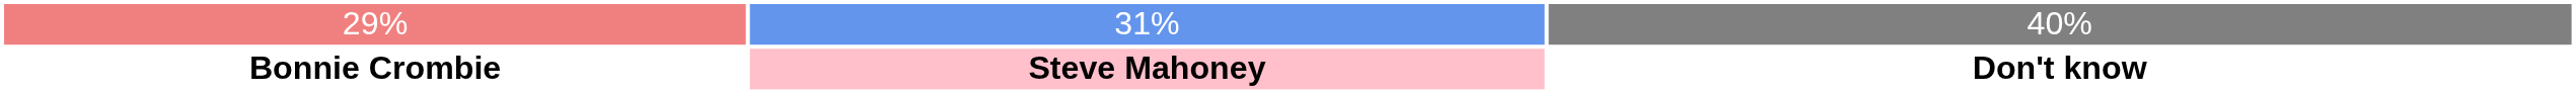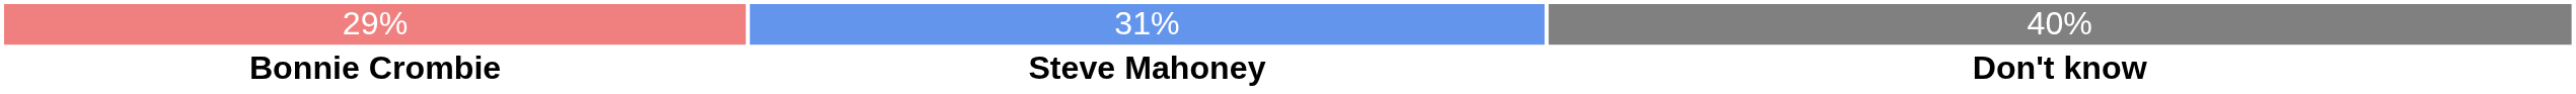 <table style="width:100%; text-align:center;">
 <tr style="color:white;">
 <td style="background:lightcoral; width:29%;">29%</td>
 <td style="background:cornflowerblue; width:31%;">31%</td>
 <td style="background:gray; width:40%;">40%</td>
 </tr>
 <tr>
 <td><span><strong>Bonnie Crombie</strong></span></td>
-<td style="background: pink;"><span><strong>Steve Mahoney</strong></span></td>
+<td><span><strong>Steve Mahoney</strong></span></td>
 <td><span><strong>Don't know</strong></span></td>
 </tr>
 </table>
